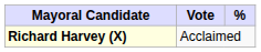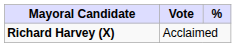 <table class="wikitable">
 <tr>
 <th style="background:#ddf; width:200px;">Mayoral Candidate </th>
 <th style="background:#ddf; width:50px;">Vote</th>
 <th style="background:#ddf; width:30px;">%</th>
 </tr>
 <tr>
-<td style="background: lightyellow;"><strong>Richard Harvey (X)</strong></td>
+<td><strong>Richard Harvey (X)</strong></td>
 <td colspan="2">Acclaimed</td>
 </tr>
 </table>
